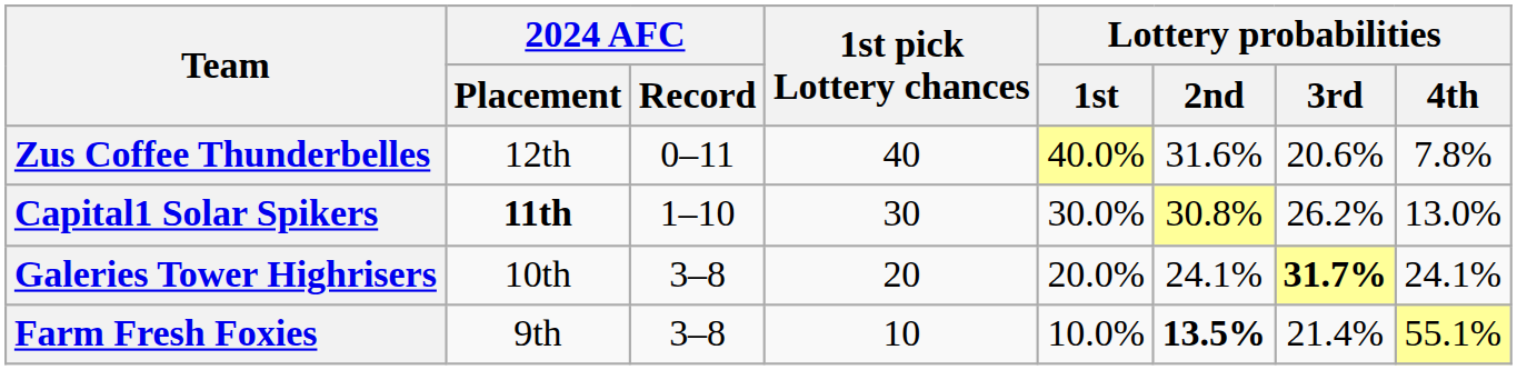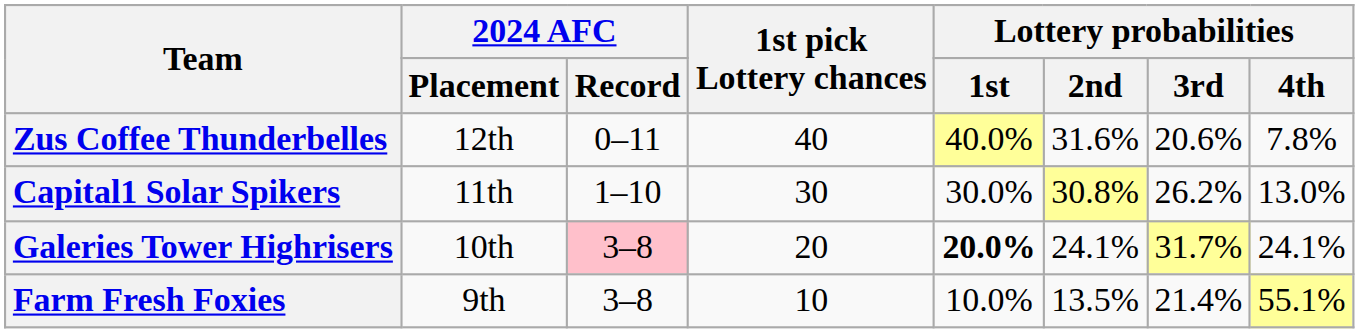 <table class="wikitable plainrowheaders" style="text-align:center">
 <tr>
 <th scope="col" rowspan="2">Team</th>
 <th scope="col" colspan="2"><a href='#'>2024 AFC</a></th>
 <th scope="col" rowspan="2">1st pick<br>Lottery chances</th>
 <th scope="col" colspan="4">Lottery probabilities</th>
 </tr>
 <tr>
 <th>Placement</th>
 <th>Record</th>
 <th>1st</th>
 <th>2nd</th>
 <th>3rd</th>
 <th>4th</th>
 </tr>
 <tr>
 <th scope="row" style="text-align:left"><a href='#'>Zus Coffee Thunderbelles</a></th>
 <td>12th</td>
 <td>0–11</td>
 <td>40</td>
 <td style="background:#ff9;">40.0%</td>
 <td>31.6%</td>
 <td>20.6%</td>
 <td>7.8%</td>
 </tr>
 <tr>
 <th scope="row" style="text-align:left"><a href='#'>Capital1 Solar Spikers</a></th>
-<td><strong>11th</strong></td>
+<td>11th</td>
 <td>1–10</td>
 <td>30</td>
 <td>30.0%</td>
 <td style="background:#ff9;">30.8%</td>
 <td>26.2%</td>
 <td>13.0%</td>
 </tr>
 <tr>
 <th scope="row" style="text-align:left"><a href='#'>Galeries Tower Highrisers</a></th>
 <td>10th</td>
-<td>3–8</td>
+<td style="background: pink;">3–8</td>
 <td>20</td>
-<td>20.0%</td>
+<td><strong>20.0%</strong></td>
 <td>24.1%</td>
-<td style="background:#ff9;"><strong>31.7%</strong></td>
+<td style="background:#ff9;">31.7%</td>
 <td>24.1%</td>
 </tr>
 <tr>
 <th scope="row" style="text-align:left"><a href='#'>Farm Fresh Foxies</a></th>
 <td>9th</td>
 <td>3–8</td>
 <td>10</td>
 <td>10.0%</td>
-<td><strong>13.5%</strong></td>
+<td>13.5%</td>
 <td>21.4%</td>
 <td style="background:#ff9;">55.1%</td>
 </tr>
 </table>
